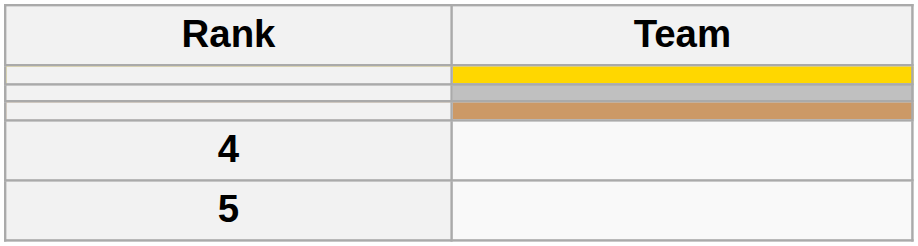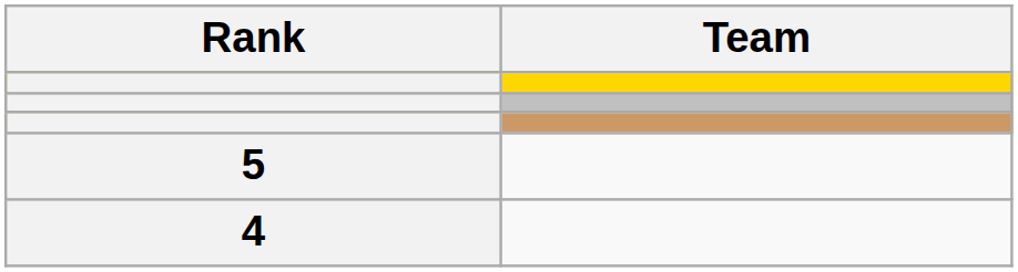 <table class="wikitable unsortable" style="text-align:left; width:30%">
 <tr>
 <th scope="col">Rank</th>
 <th scope="col">Team</th>
 </tr>
 <tr bgcolor="gold">
 <th scope="row"></th>
 <td></td>
 </tr>
 <tr bgcolor="silver">
 <th scope="row"></th>
 <td></td>
 </tr>
 <tr bgcolor="cc9966">
 <th scope="row"></th>
 <td></td>
 </tr>
 <tr>
+<th scope="row">5</th>
+<td></td>
+</tr>
+<tr>
 <th scope="row">4</th>
 <td></td>
 </tr>
-<tr>
-<th scope="row">5</th>
-<td></td>
-</tr>
 </table>
